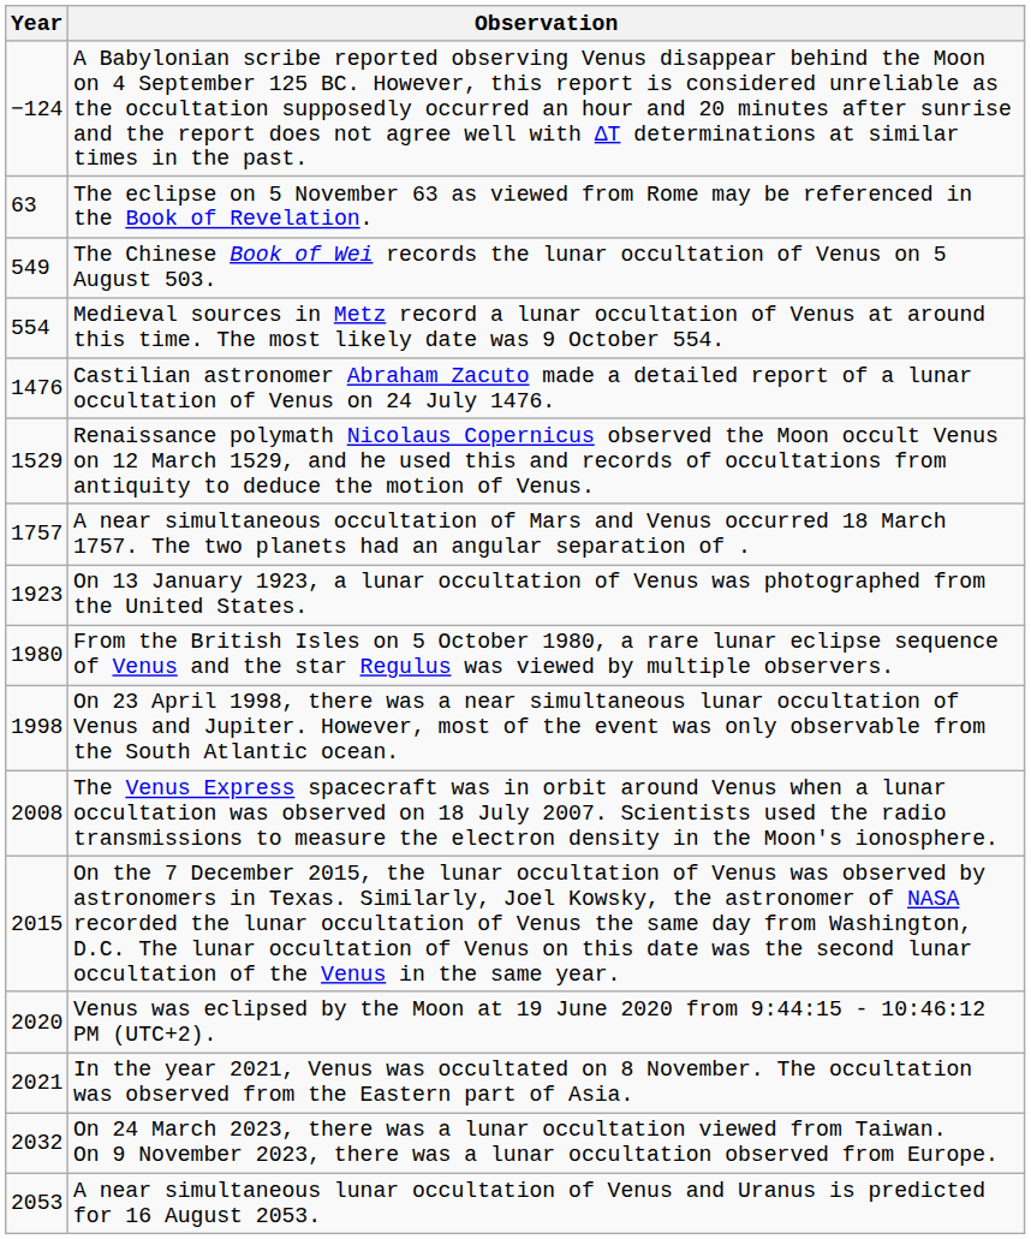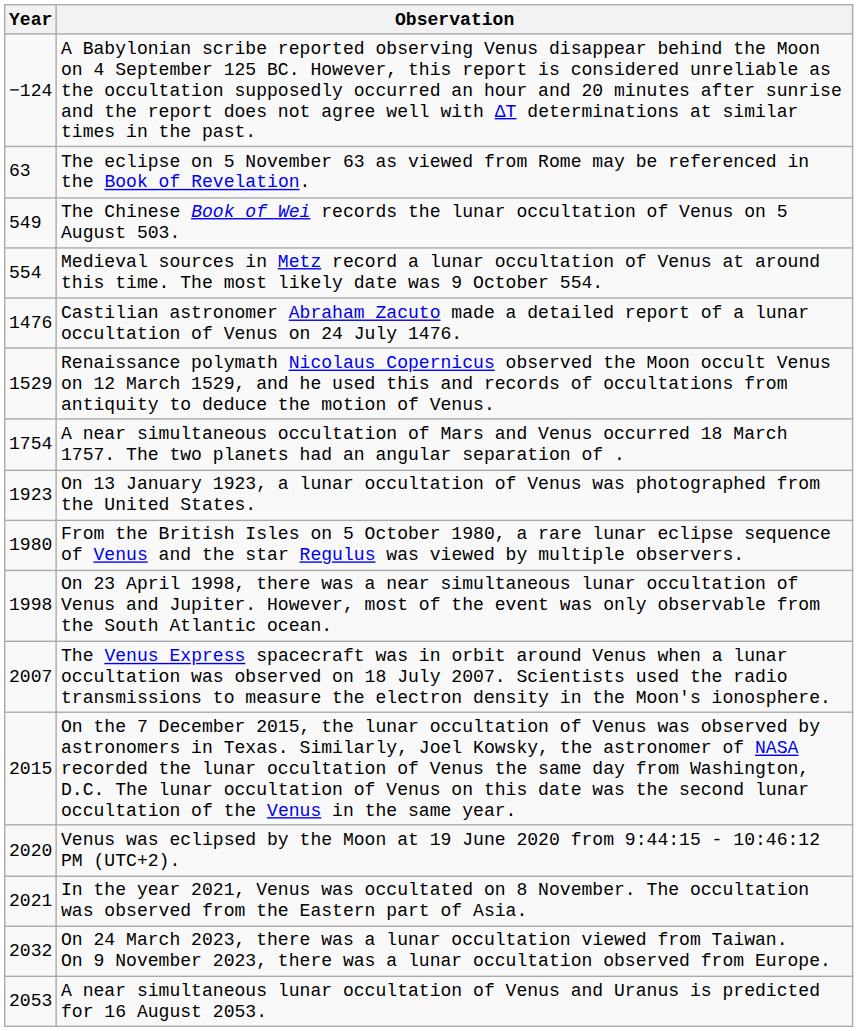 <table class="wikitable">
 <tr>
 <th>Year</th>
 <th>Observation</th>
 </tr>
 <tr>
 <td>−124</td>
 <td>A Babylonian scribe reported observing Venus disappear behind the Moon on 4 September 125 BC. However, this report is considered unreliable as the occultation supposedly occurred an hour and 20 minutes after sunrise and the report does not agree well with <a href='#'>ΔT</a> determinations at similar times in the past.</td>
 </tr>
 <tr>
 <td>63</td>
 <td>The eclipse on 5 November 63 as viewed from Rome may be referenced in the <a href='#'>Book of Revelation</a>.</td>
 </tr>
 <tr>
 <td>549</td>
 <td>The Chinese <em><a href='#'>Book of Wei</a></em> records the lunar occultation of Venus on 5 August 503.</td>
 </tr>
 <tr>
 <td>554</td>
 <td>Medieval sources in <a href='#'>Metz</a> record a lunar occultation of Venus at around this time. The most likely date was 9 October 554.</td>
 </tr>
 <tr>
 <td>1476</td>
 <td>Castilian astronomer <a href='#'>Abraham Zacuto</a> made a detailed report of a lunar occultation of Venus on 24 July 1476.</td>
 </tr>
 <tr>
 <td>1529</td>
 <td>Renaissance polymath <a href='#'>Nicolaus Copernicus</a> observed the Moon occult Venus on 12 March 1529, and he used this and records of occultations from antiquity to deduce the motion of Venus.</td>
 </tr>
 <tr>
-<td>1757</td>
+<td>1754</td>
 <td>A near simultaneous occultation of Mars and Venus occurred 18 March 1757. The two planets had an angular separation of .</td>
 </tr>
 <tr>
 <td>1923</td>
 <td>On 13 January 1923, a lunar occultation of Venus was photographed from the United States.</td>
 </tr>
 <tr>
 <td>1980</td>
 <td>From the British Isles on 5 October 1980, a rare lunar eclipse sequence of <a href='#'>Venus</a> and the star <a href='#'>Regulus</a> was viewed by multiple observers.</td>
 </tr>
 <tr>
 <td>1998</td>
 <td>On 23 April 1998, there was a near simultaneous lunar occultation of Venus and Jupiter. However, most of the event was only observable from the South Atlantic ocean.</td>
 </tr>
 <tr>
-<td>2008</td>
+<td>2007</td>
 <td>The <a href='#'>Venus Express</a> spacecraft was in orbit around Venus when a lunar occultation was observed on 18 July 2007. Scientists used the radio transmissions to measure the electron density in the Moon's ionosphere.</td>
 </tr>
 <tr>
 <td>2015</td>
 <td>On the 7 December 2015, the lunar occultation of Venus was observed by astronomers in Texas. Similarly, Joel Kowsky, the astronomer of <a href='#'>NASA</a> recorded the lunar occultation of Venus the same day from Washington, D.C. The lunar occultation of Venus on this date was the second lunar occultation of the <a href='#'>Venus</a> in the same year.</td>
 </tr>
 <tr>
 <td>2020</td>
 <td>Venus was eclipsed by the Moon at 19 June 2020 from 9:44:15 - 10:46:12 PM (UTC+2).</td>
 </tr>
 <tr>
 <td>2021</td>
 <td>In the year 2021, Venus was occultated on 8 November. The occultation was observed from the Eastern part of Asia.</td>
 </tr>
 <tr>
 <td>2032</td>
 <td>On 24 March 2023, there was a lunar occultation viewed from Taiwan.<br>On 9 November 2023, there was a lunar occultation observed from Europe.</td>
 </tr>
 <tr>
 <td>2053</td>
 <td>A near simultaneous lunar occultation of Venus and Uranus is predicted for 16 August 2053.</td>
 </tr>
 </table>
